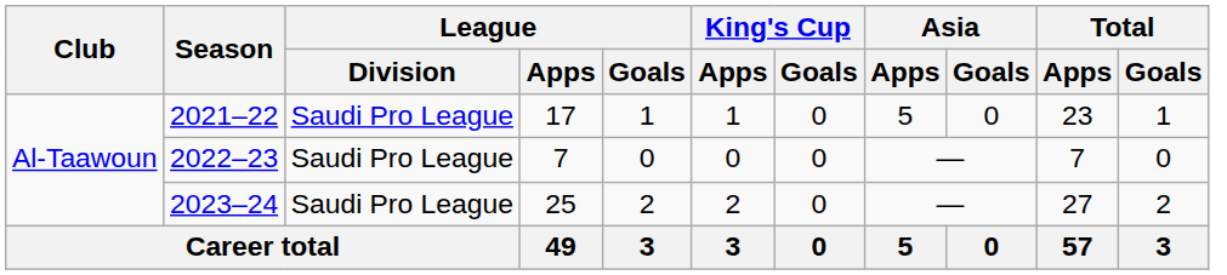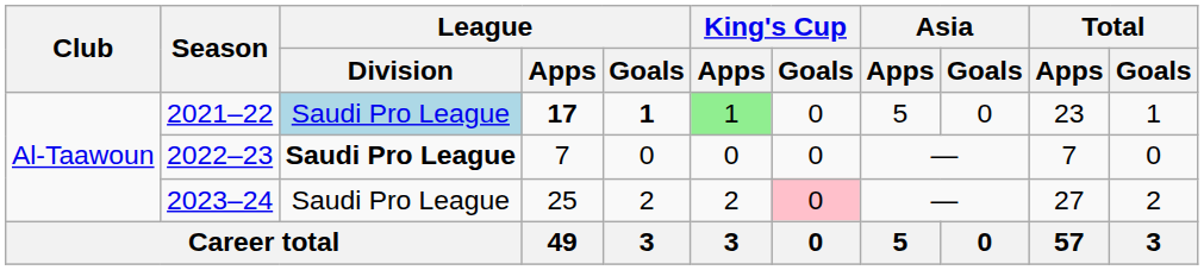 <table class="wikitable" style="text-align: center">
 <tr>
 <th rowspan=2>Club</th>
 <th rowspan=2>Season</th>
 <th colspan=3>League</th>
 <th colspan=2><a href='#'>King's Cup</a></th>
 <th colspan=2>Asia</th>
 <th colspan=2>Total</th>
 </tr>
 <tr>
 <th>Division</th>
 <th>Apps</th>
 <th>Goals</th>
 <th>Apps</th>
 <th>Goals</th>
 <th>Apps</th>
 <th>Goals</th>
 <th>Apps</th>
 <th>Goals</th>
 </tr>
 <tr>
 <td rowspan=3><a href='#'>Al-Taawoun</a></td>
 <td><a href='#'>2021–22</a></td>
-<td><a href='#'>Saudi Pro League</a></td>
-<td>17</td>
-<td>1</td>
-<td>1</td>
+<td style="background: lightblue;"><a href='#'>Saudi Pro League</a></td>
+<td><strong>17</strong></td>
+<td><strong>1</strong></td>
+<td style="background: lightgreen;">1</td>
 <td>0</td>
 <td>5</td>
 <td>0</td>
 <td>23</td>
 <td>1</td>
 </tr>
 <tr>
 <td><a href='#'>2022–23</a></td>
-<td>Saudi Pro League</td>
+<td><strong>Saudi Pro League</strong></td>
 <td>7</td>
 <td>0</td>
 <td>0</td>
 <td>0</td>
 <td colspan=2>—</td>
 <td>7</td>
 <td>0</td>
 </tr>
 <tr>
 <td><a href='#'>2023–24</a></td>
 <td>Saudi Pro League</td>
 <td>25</td>
 <td>2</td>
 <td>2</td>
-<td>0</td>
+<td style="background: pink;">0</td>
 <td colspan=2>—</td>
 <td>27</td>
 <td>2</td>
 </tr>
 <tr>
 <th colspan=3>Career total</th>
 <th>49</th>
 <th>3</th>
 <th>3</th>
 <th>0</th>
 <th>5</th>
 <th>0</th>
 <th>57</th>
 <th>3</th>
 </tr>
 </table>
